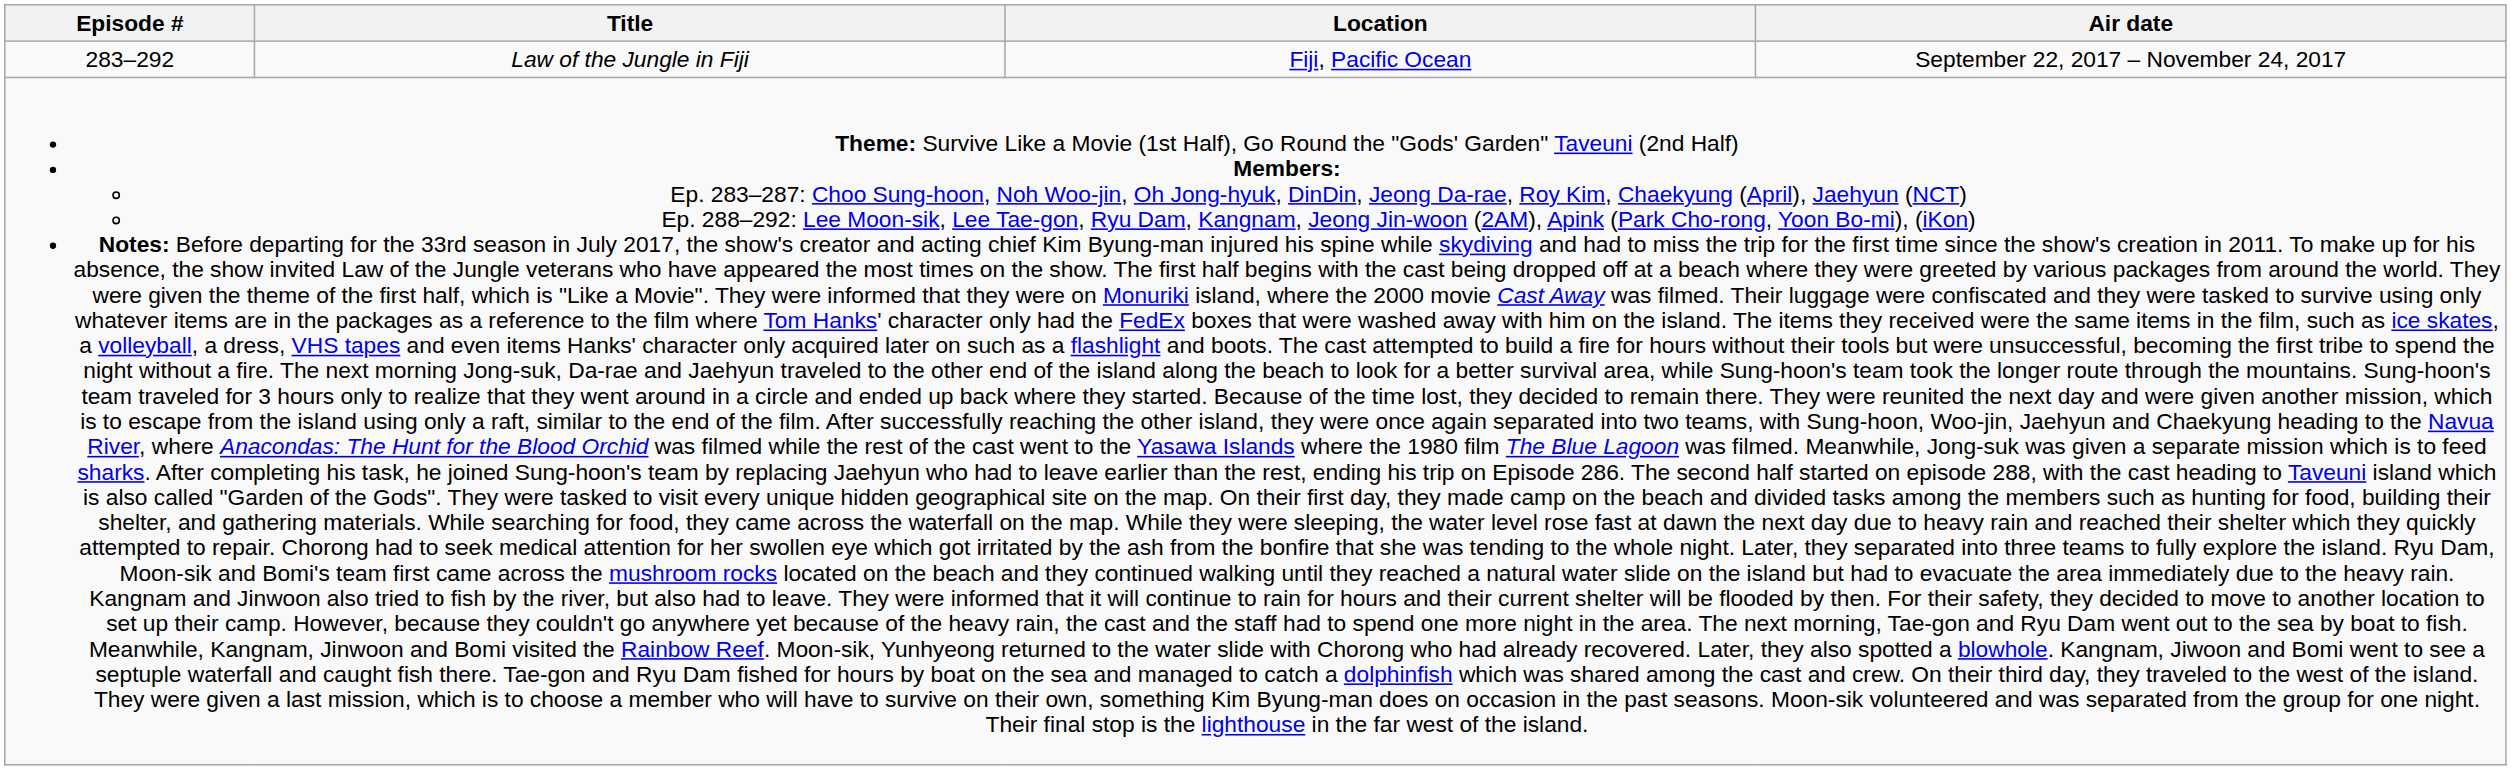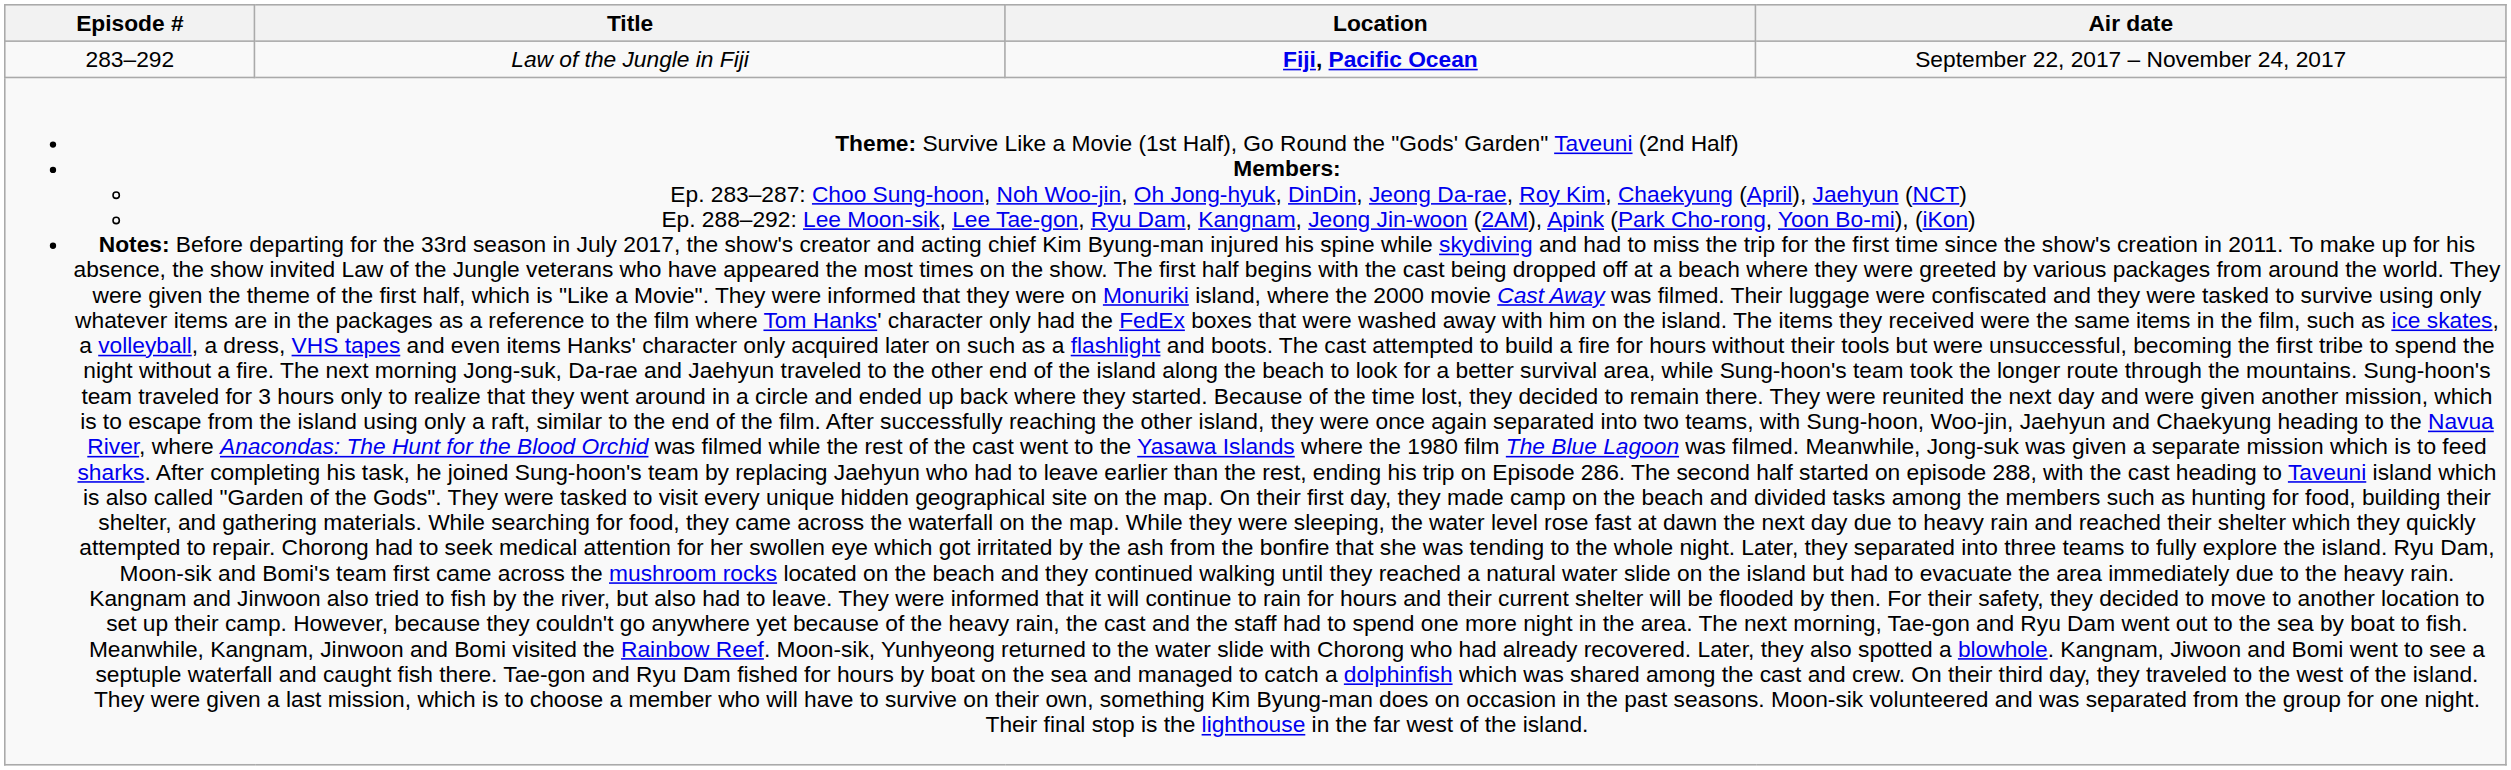 <table class="wikitable" style="text-align:center; font-size:90%; width:100%;">
 <tr>
 <th width="10%">Episode #</th>
 <th width="30%">Title</th>
 <th width="30%">Location</th>
 <th width="30%">Air date</th>
 </tr>
 <tr>
 <td>283–292</td>
 <td><em>Law of the Jungle in Fiji</em></td>
-<td><a href='#'>Fiji</a>, <a href='#'>Pacific Ocean</a></td>
+<td><strong><a href='#'>Fiji</a>, <a href='#'>Pacific Ocean</a></strong></td>
 <td>September 22, 2017 – November 24, 2017</td>
 </tr>
 <tr>
 <td colspan="4"><br><ul><li><strong>Theme:</strong> Survive Like a Movie (1st Half), Go Round the "Gods' Garden" <a href='#'>Taveuni</a> (2nd Half)</li><li><strong>Members:</strong><ul><li>Ep. 283–287: <a href='#'>Choo Sung-hoon</a>, <a href='#'>Noh Woo-jin</a>, <a href='#'>Oh Jong-hyuk</a>, <a href='#'>DinDin</a>, <a href='#'>Jeong Da-rae</a>, <a href='#'>Roy Kim</a>, <a href='#'>Chaekyung</a> (<a href='#'>April</a>), <a href='#'>Jaehyun</a> (<a href='#'>NCT</a>)</li><li>Ep. 288–292: <a href='#'>Lee Moon-sik</a>, <a href='#'>Lee Tae-gon</a>, <a href='#'>Ryu Dam</a>, <a href='#'>Kangnam</a>, <a href='#'>Jeong Jin-woon</a> (<a href='#'>2AM</a>), <a href='#'>Apink</a> (<a href='#'>Park Cho-rong</a>, <a href='#'>Yoon Bo-mi</a>),  (<a href='#'>iKon</a>)</li></ul></li><li><strong>Notes:</strong> Before departing for the 33rd season in July 2017, the show's creator and acting chief Kim Byung-man injured his spine while <a href='#'>skydiving</a> and had to miss the trip for the first time since the show's creation in 2011. To make up for his absence, the show invited Law of the Jungle veterans who have appeared the most times on the show. The first half begins with the cast being dropped off at a beach where they were greeted by various packages from around the world. They were given the theme of the first half, which is "Like a Movie". They were informed that they were on <a href='#'>Monuriki</a> island, where the 2000 movie <em><a href='#'>Cast Away</a></em> was filmed. Their luggage were confiscated and they were tasked to survive using only whatever items are in the packages as a reference to the film where <a href='#'>Tom Hanks</a>' character only had the <a href='#'>FedEx</a> boxes that were washed away with him on the island. The items they received were the same items in the film, such as <a href='#'>ice skates</a>, a <a href='#'>volleyball</a>, a dress, <a href='#'>VHS tapes</a> and even items Hanks' character only acquired later on such as a <a href='#'>flashlight</a> and boots. The cast attempted to build a fire for hours without their tools but were unsuccessful, becoming the first tribe to spend the night without a fire. The next morning Jong-suk, Da-rae and Jaehyun traveled to the other end of the island along the beach to look for a better survival area, while Sung-hoon's team took the longer route through the mountains. Sung-hoon's team traveled for 3 hours only to realize that they went around in a circle and ended up back where they started. Because of the time lost, they decided to remain there. They were reunited the next day and were given another mission, which is to escape from the island using only a raft, similar to the end of the film. After successfully reaching the other island, they were once again separated into two teams, with Sung-hoon, Woo-jin, Jaehyun and Chaekyung heading to the <a href='#'>Navua River</a>, where <em><a href='#'>Anacondas: The Hunt for the Blood Orchid</a></em> was filmed while the rest of the cast went to the <a href='#'>Yasawa Islands</a> where the 1980 film <em><a href='#'>The Blue Lagoon</a></em> was filmed. Meanwhile, Jong-suk was given a separate mission which is to feed <a href='#'>sharks</a>. After completing his task, he joined Sung-hoon's team by replacing Jaehyun who had to leave earlier than the rest, ending his trip on Episode 286. The second half started on episode 288, with the cast heading to <a href='#'>Taveuni</a> island which is also called "Garden of the Gods". They were tasked to visit every unique hidden geographical site on the map. On their first day, they made camp on the beach and divided tasks among the members such as hunting for food, building their shelter, and gathering materials. While searching for food, they came across the waterfall on the map. While they were sleeping, the water level rose fast at dawn the next day due to heavy rain and reached their shelter which they quickly attempted to repair. Chorong had to seek medical attention for her swollen eye which got irritated by the ash from the bonfire that she was tending to the whole night. Later, they separated into three teams to fully explore the island. Ryu Dam, Moon-sik and Bomi's team first came across the <a href='#'>mushroom rocks</a> located on the beach and they continued walking until they reached a natural water slide on the island but had to evacuate the area immediately due to the heavy rain. Kangnam and Jinwoon also tried to fish by the river, but also had to leave. They were informed that it will continue to rain for hours and their current shelter will be flooded by then. For their safety, they decided to move to another location to set up their camp. However, because they couldn't go anywhere yet because of the heavy rain, the cast and the staff had to spend one more night in the area. The next morning, Tae-gon and Ryu Dam went out to the sea by boat to fish. Meanwhile, Kangnam, Jinwoon and Bomi visited the <a href='#'>Rainbow Reef</a>. Moon-sik, Yunhyeong returned to the water slide with Chorong who had already recovered. Later, they also spotted a <a href='#'>blowhole</a>. Kangnam, Jiwoon and Bomi went to see a septuple waterfall and caught fish there. Tae-gon and Ryu Dam fished for hours by boat on the sea and managed to catch a <a href='#'>dolphinfish</a> which was shared among the cast and crew. On their third day, they traveled to the west of the island. They were given a last mission, which is to choose a member who will have to survive on their own, something Kim Byung-man does on occasion in the past seasons. Moon-sik volunteered and was separated from the group for one night. Their final stop is the <a href='#'>lighthouse</a> in the far west of the island.</li></ul></td>
 </tr>
 </table>
